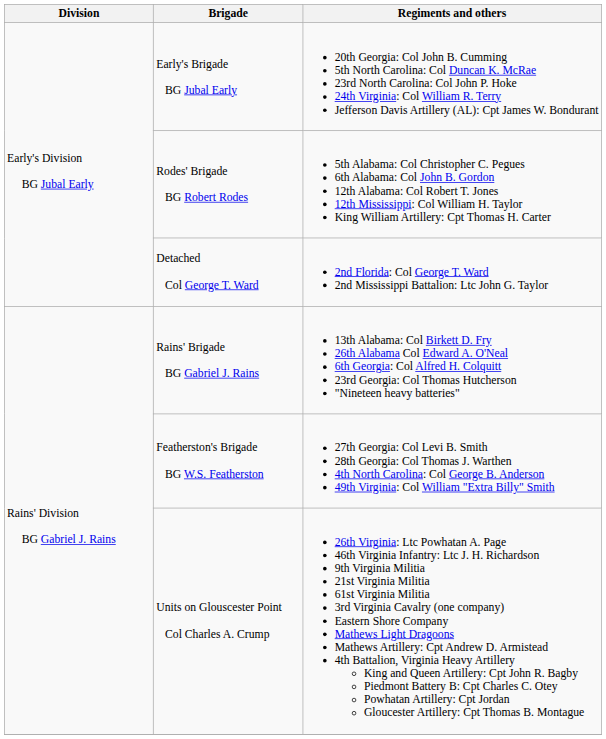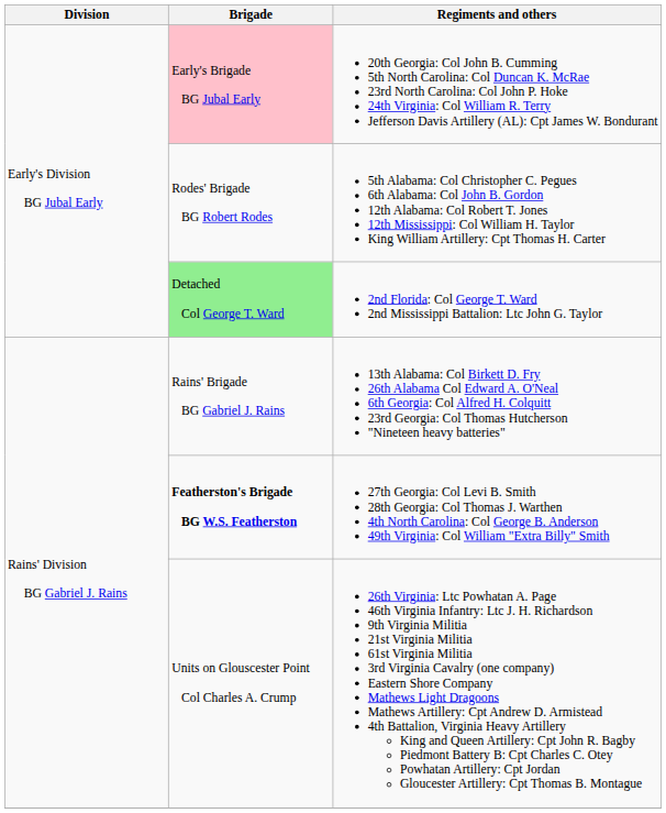 <table class="wikitable">
 <tr>
 <th width=25%>Division</th>
 <th width=25%>Brigade</th>
 <th>Regiments and others</th>
 </tr>
 <tr>
 <td rowspan=3><br>Early's Division<br><br>     BG <a href='#'>Jubal Early</a></td>
-<td>Early's Brigade<br><br>   BG <a href='#'>Jubal Early</a></td>
+<td style="background: pink;">Early's Brigade<br><br>   BG <a href='#'>Jubal Early</a></td>
 <td><br><ul><li>20th Georgia: Col John B. Cumming</li><li>5th North Carolina: Col <a href='#'>Duncan K. McRae</a></li><li>23rd North Carolina: Col John P. Hoke</li><li><a href='#'>24th Virginia</a>: Col <a href='#'>William R. Terry</a></li><li>Jefferson Davis Artillery (AL): Cpt James W. Bondurant</li></ul></td>
 </tr>
 <tr>
 <td>Rodes' Brigade<br><br>   BG <a href='#'>Robert Rodes</a></td>
 <td><br><ul><li>5th Alabama: Col Christopher C. Pegues</li><li>6th Alabama: Col <a href='#'>John B. Gordon</a></li><li>12th Alabama: Col Robert T. Jones</li><li><a href='#'>12th Mississippi</a>: Col William H. Taylor</li><li>King William Artillery: Cpt Thomas H. Carter</li></ul></td>
 </tr>
 <tr>
-<td>Detached<br><br>   Col <a href='#'>George T. Ward</a></td>
+<td style="background: lightgreen;">Detached<br><br>   Col <a href='#'>George T. Ward</a></td>
 <td><br><ul><li><a href='#'>2nd Florida</a>: Col <a href='#'>George T. Ward</a></li><li>2nd Mississippi Battalion: Ltc John G. Taylor</li></ul></td>
 </tr>
 <tr>
 <td rowspan=3><br>Rains' Division<br><br>     BG <a href='#'>Gabriel J. Rains</a></td>
 <td>Rains' Brigade<br><br>   BG <a href='#'>Gabriel J. Rains</a></td>
 <td><br><ul><li>13th Alabama: Col <a href='#'>Birkett D. Fry</a></li><li><a href='#'>26th Alabama</a> Col <a href='#'>Edward A. O'Neal</a></li><li><a href='#'>6th Georgia</a>: Col <a href='#'>Alfred H. Colquitt</a></li><li>23rd Georgia: Col Thomas Hutcherson</li><li>"Nineteen heavy batteries"</li></ul></td>
 </tr>
 <tr>
-<td>Featherston's Brigade<br><br>   BG <a href='#'>W.S. Featherston</a></td>
+<td><strong>Featherston's Brigade<br><br>   BG <a href='#'>W.S. Featherston</a></strong></td>
 <td><br><ul><li>27th Georgia: Col Levi B. Smith</li><li>28th Georgia: Col Thomas J. Warthen</li><li><a href='#'>4th North Carolina</a>: Col <a href='#'>George B. Anderson</a></li><li><a href='#'>49th Virginia</a>: Col <a href='#'>William "Extra Billy" Smith</a></li></ul></td>
 </tr>
 <tr>
 <td>Units on Glouscester Point<br><br>   Col Charles A. Crump</td>
 <td><br><ul><li><a href='#'>26th Virginia</a>: Ltc Powhatan A. Page</li><li>46th Virginia Infantry: Ltc J. H. Richardson</li><li>9th Virginia Militia</li><li>21st Virginia Militia</li><li>61st Virginia Militia</li><li>3rd Virginia Cavalry (one company)</li><li>Eastern Shore Company</li><li><a href='#'>Mathews Light Dragoons</a></li><li>Mathews Artillery: Cpt Andrew D. Armistead</li><li>4th Battalion, Virginia Heavy Artillery<ul><li>King and Queen Artillery: Cpt John R. Bagby</li><li>Piedmont Battery B: Cpt Charles C. Otey</li><li>Powhatan Artillery: Cpt Jordan</li><li>Gloucester Artillery: Cpt Thomas B. Montague</li></ul></li></ul></td>
 </tr>
 <tr>
 </tr>
 </table>
